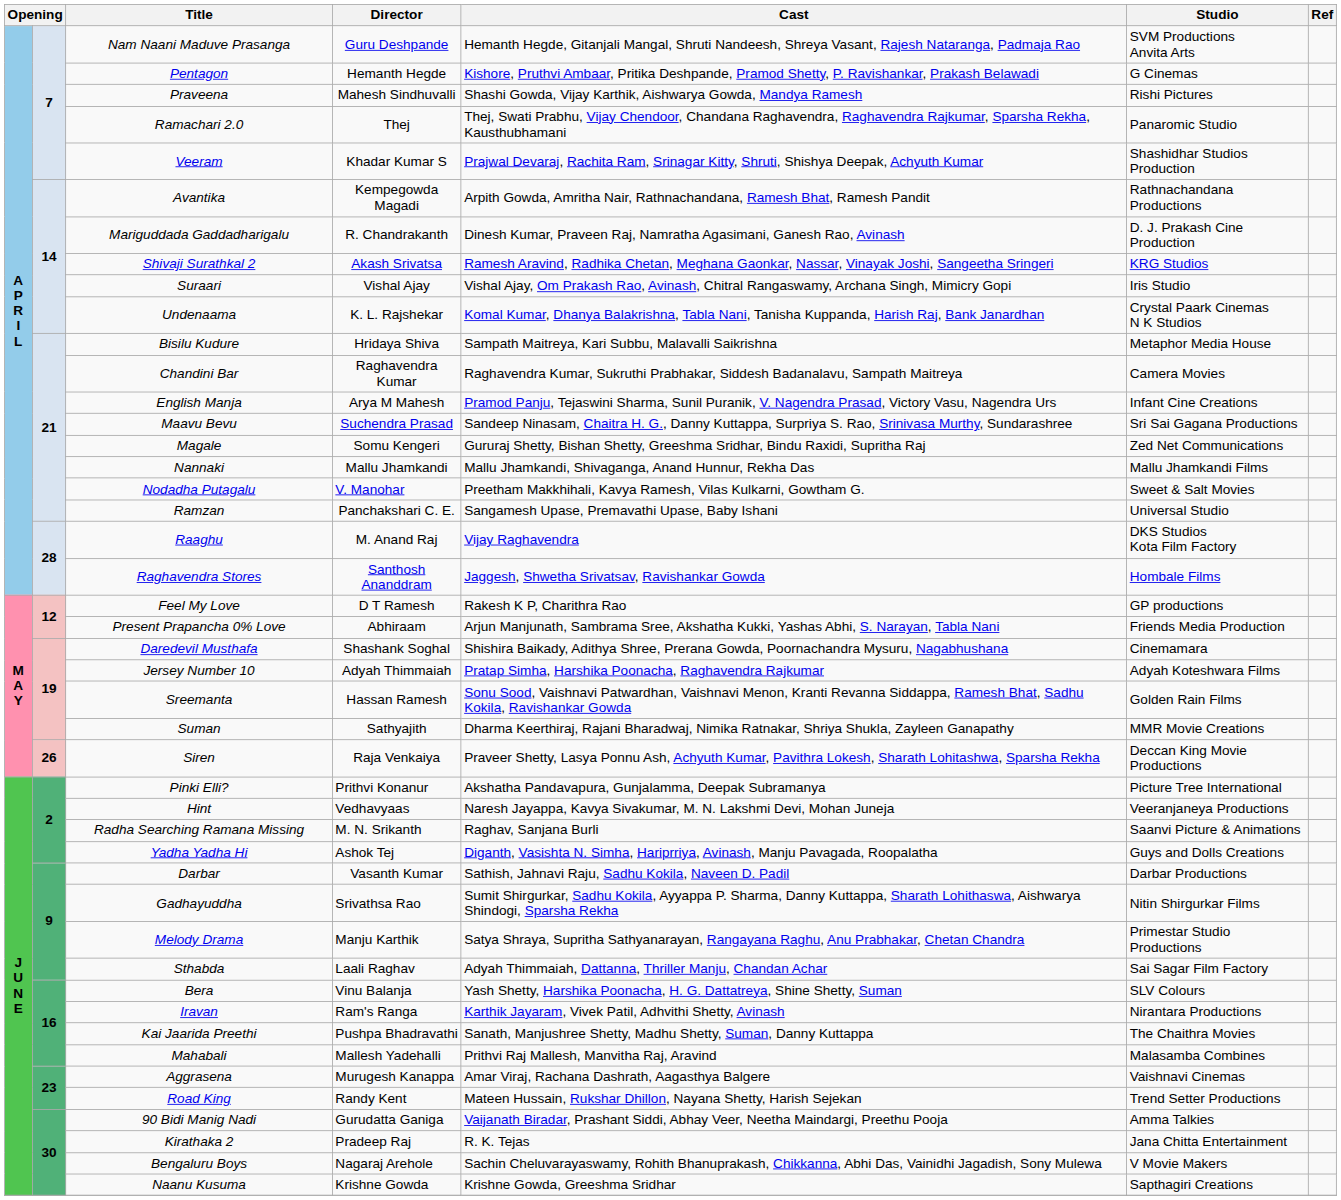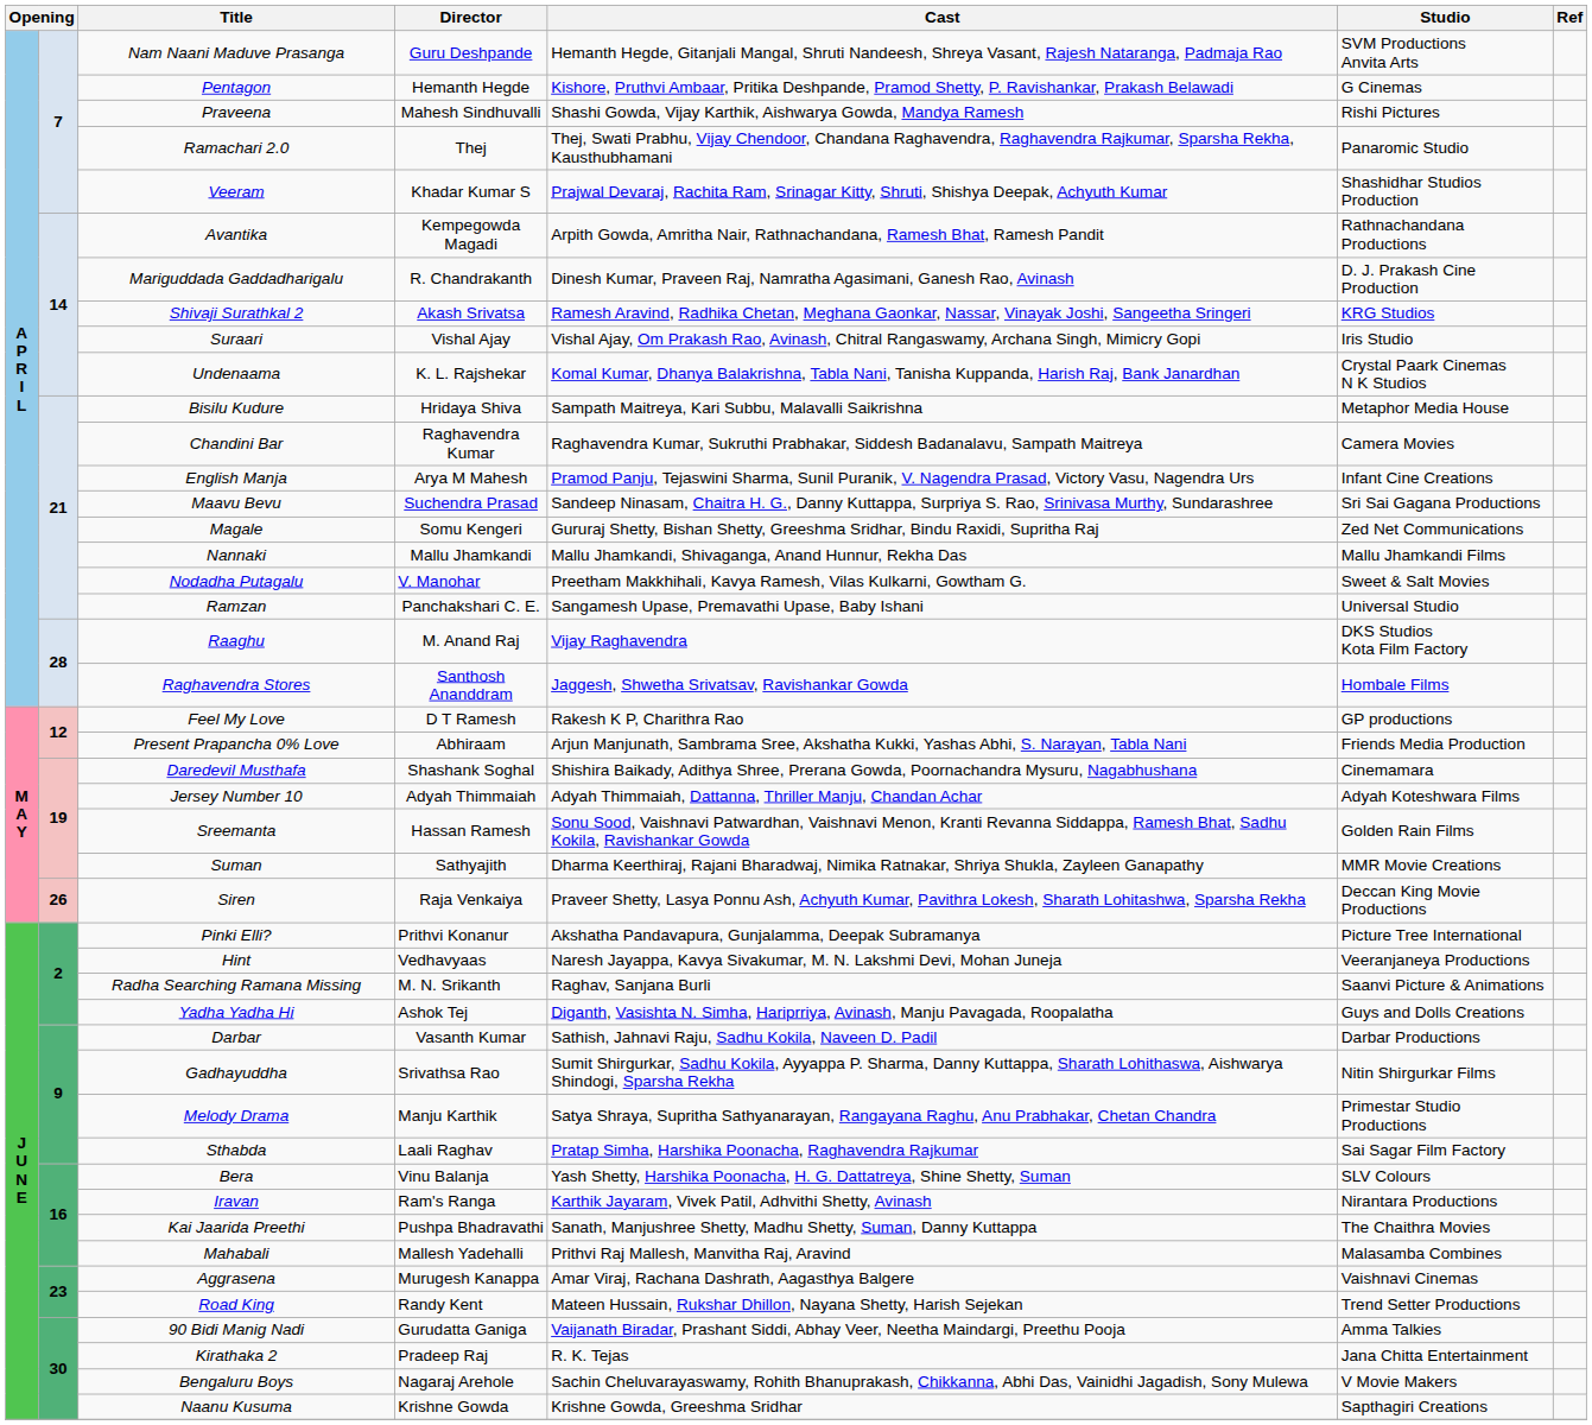 <table class="wikitable sortable">
 <tr>
 <th colspan="2">Opening</th>
 <th style="width:20%;">Title</th>
 <th>Director</th>
 <th>Cast</th>
 <th>Studio</th>
 <th>Ref</th>
 </tr>
 <tr>
 <td rowspan="20" style="text-align:center; background:#93CCEA; textcolor:#000;"><strong>A<br>P<br>R<br>I<br>L</strong></td>
 <td rowspan="5" style="text-align:center;background:#d9e4f1;"><strong>7</strong></td>
 <td align="center"><em>Nam Naani Maduve Prasanga</em></td>
 <td align="center"><a href='#'>Guru Deshpande</a></td>
 <td>Hemanth Hegde, Gitanjali Mangal, Shruti Nandeesh, Shreya Vasant, <a href='#'>Rajesh Nataranga</a>, <a href='#'>Padmaja Rao</a></td>
 <td>SVM Productions <br> Anvita Arts</td>
 <td align="center"></td>
 </tr>
 <tr>
 <td align="center"><em><a href='#'>Pentagon</a></em></td>
 <td align="center">Hemanth Hegde</td>
 <td><a href='#'>Kishore</a>, <a href='#'>Pruthvi Ambaar</a>, Pritika Deshpande, <a href='#'>Pramod Shetty</a>, <a href='#'>P. Ravishankar</a>, <a href='#'>Prakash Belawadi</a></td>
 <td>G Cinemas</td>
 <td align="center"></td>
 </tr>
 <tr>
 <td align="center"><em>Praveena</em></td>
 <td align="center">Mahesh Sindhuvalli</td>
 <td>Shashi Gowda, Vijay Karthik, Aishwarya Gowda, <a href='#'>Mandya Ramesh</a></td>
 <td>Rishi Pictures</td>
 <td align="center"></td>
 </tr>
 <tr>
 <td align="center"><em>Ramachari 2.0</em></td>
 <td align="center">Thej</td>
 <td>Thej, Swati Prabhu, <a href='#'>Vijay Chendoor</a>, Chandana Raghavendra, <a href='#'>Raghavendra Rajkumar</a>, <a href='#'>Sparsha Rekha</a>, Kausthubhamani</td>
 <td>Panaromic Studio</td>
 <td align="center"></td>
 </tr>
 <tr>
 <td align="center"><em><a href='#'>Veeram</a></em></td>
 <td align="center">Khadar Kumar S</td>
 <td><a href='#'>Prajwal Devaraj</a>, <a href='#'>Rachita Ram</a>, <a href='#'>Srinagar Kitty</a>, <a href='#'>Shruti</a>, Shishya Deepak, <a href='#'>Achyuth Kumar</a></td>
 <td>Shashidhar Studios Production</td>
 <td align="center"></td>
 </tr>
 <tr>
 <td rowspan="5" style="text-align:center;background:#d9e4f1;"><strong>14</strong></td>
 <td align="center"><em>Avantika</em></td>
 <td align="center">Kempegowda Magadi</td>
 <td>Arpith Gowda, Amritha Nair, Rathnachandana, <a href='#'>Ramesh Bhat</a>, Ramesh Pandit</td>
 <td>Rathnachandana Productions</td>
 <td align="center"></td>
 </tr>
 <tr>
 <td align="center"><em>Mariguddada Gaddadharigalu</em></td>
 <td align="center">R. Chandrakanth</td>
 <td>Dinesh Kumar, Praveen Raj, Namratha Agasimani, Ganesh Rao, <a href='#'>Avinash</a></td>
 <td>D. J. Prakash Cine Production</td>
 <td align="center"></td>
 </tr>
 <tr>
 <td align="center"><em><a href='#'>Shivaji Surathkal 2</a></em></td>
 <td align="center"><a href='#'>Akash Srivatsa</a></td>
 <td><a href='#'>Ramesh Aravind</a>, <a href='#'>Radhika Chetan</a>, <a href='#'>Meghana Gaonkar</a>, <a href='#'>Nassar</a>, <a href='#'>Vinayak Joshi</a>, <a href='#'>Sangeetha Sringeri</a></td>
 <td><a href='#'>KRG Studios</a></td>
 <td align="center"></td>
 </tr>
 <tr>
 <td align="center"><em>Suraari</em></td>
 <td align="center">Vishal Ajay</td>
 <td>Vishal Ajay, <a href='#'>Om Prakash Rao</a>, <a href='#'>Avinash</a>, Chitral Rangaswamy, Archana Singh, Mimicry Gopi</td>
 <td>Iris Studio</td>
 <td align="center"></td>
 </tr>
 <tr>
 <td align="center"><em>Undenaama</em></td>
 <td align="center">K. L. Rajshekar</td>
 <td><a href='#'>Komal Kumar</a>, <a href='#'>Dhanya Balakrishna</a>, <a href='#'>Tabla Nani</a>, Tanisha Kuppanda, <a href='#'>Harish Raj</a>, <a href='#'>Bank Janardhan</a></td>
 <td>Crystal Paark Cinemas <br> N K Studios</td>
 <td align="center"></td>
 </tr>
 <tr>
 <td rowspan="8" style="text-align:center;background:#d9e4f1;"><strong>21</strong></td>
 <td style="text-align:center;"><em>Bisilu Kudure</em></td>
 <td style="text-align:center;">Hridaya Shiva</td>
 <td>Sampath Maitreya, Kari Subbu, Malavalli Saikrishna</td>
 <td>Metaphor Media House</td>
 <td></td>
 </tr>
 <tr>
 <td style="text-align:center;"><em>Chandini Bar</em></td>
 <td style="text-align:center;">Raghavendra Kumar</td>
 <td>Raghavendra Kumar, Sukruthi Prabhakar, Siddesh Badanalavu, Sampath Maitreya</td>
 <td>Camera Movies</td>
 <td></td>
 </tr>
 <tr>
 <td style="text-align:center;"><em>English Manja</em></td>
 <td style="text-align:center;">Arya M Mahesh</td>
 <td><a href='#'>Pramod Panju</a>, Tejaswini Sharma, Sunil Puranik, <a href='#'>V. Nagendra Prasad</a>, Victory Vasu, Nagendra Urs</td>
 <td>Infant Cine Creations</td>
 <td></td>
 </tr>
 <tr>
 <td style="text-align:center;"><em>Maavu Bevu</em></td>
 <td style="text-align:center;"><a href='#'>Suchendra Prasad</a></td>
 <td>Sandeep Ninasam, <a href='#'>Chaitra H. G.</a>, Danny Kuttappa, Surpriya S. Rao, <a href='#'>Srinivasa Murthy</a>, Sundarashree</td>
 <td>Sri Sai Gagana Productions</td>
 <td></td>
 </tr>
 <tr>
 <td style="text-align:center;"><em>Magale</em></td>
 <td style="text-align:center;">Somu Kengeri</td>
 <td>Gururaj Shetty, Bishan Shetty, Greeshma Sridhar, Bindu Raxidi, Supritha Raj</td>
 <td>Zed Net Communications</td>
 <td></td>
 </tr>
 <tr>
 <td style="text-align:center;"><em>Nannaki</em></td>
 <td style="text-align:center;">Mallu Jhamkandi</td>
 <td>Mallu Jhamkandi, Shivaganga, Anand Hunnur, Rekha Das</td>
 <td>Mallu Jhamkandi Films</td>
 <td></td>
 </tr>
 <tr>
 <td style="text-align:center;"><em><a href='#'>Nodadha Putagalu</a></em></td>
 <td><a href='#'>V. Manohar</a></td>
 <td>Preetham Makkhihali, Kavya Ramesh, Vilas Kulkarni, Gowtham G.</td>
 <td>Sweet & Salt Movies</td>
 <td></td>
 </tr>
 <tr>
 <td style="text-align:center;"><em>Ramzan</em></td>
 <td style="text-align:center;">Panchakshari C. E.</td>
 <td>Sangamesh Upase, Premavathi Upase, Baby Ishani</td>
 <td>Universal Studio</td>
 <td></td>
 </tr>
 <tr>
 <td rowspan="2" style="text-align:center;background:#d9e4f1;"><strong>28</strong></td>
 <td style="text-align:center;"><em><a href='#'>Raaghu</a></em></td>
 <td style="text-align:center;">M. Anand Raj</td>
 <td><a href='#'>Vijay Raghavendra</a></td>
 <td>DKS Studios <br> Kota Film Factory</td>
 <td></td>
 </tr>
 <tr>
 <td style="text-align:center;"><em><a href='#'>Raghavendra Stores</a></em></td>
 <td style="text-align:center;"><a href='#'>Santhosh Ananddram</a></td>
 <td><a href='#'>Jaggesh</a>, <a href='#'>Shwetha Srivatsav</a>, <a href='#'>Ravishankar Gowda</a></td>
 <td><a href='#'>Hombale Films</a></td>
 <td></td>
 </tr>
 <tr>
 <td rowspan="7" style="text-align:center; background:#ff91af; textcolor:#000;"><strong>M<br>A<br>Y</strong></td>
 <td rowspan="2" style="text-align:center;background:#f4c2c2;"><strong>12</strong></td>
 <td align="center"><em>Feel My Love</em></td>
 <td align="center">D T Ramesh</td>
 <td>Rakesh K P, Charithra Rao</td>
 <td>GP productions</td>
 <td align="center"></td>
 </tr>
 <tr>
 <td align="center"><em>Present Prapancha 0% Love</em></td>
 <td align="center">Abhiraam</td>
 <td>Arjun Manjunath, Sambrama Sree, Akshatha Kukki, Yashas Abhi, <a href='#'>S. Narayan</a>, <a href='#'>Tabla Nani</a></td>
 <td>Friends Media Production</td>
 <td align="center"></td>
 </tr>
 <tr>
 <td rowspan="4" style="text-align:center;background:#f4c2c2;"><strong>19</strong></td>
 <td align="center"><em><a href='#'>Daredevil Musthafa</a></em></td>
 <td align="center">Shashank Soghal</td>
 <td>Shishira Baikady, Adithya Shree, Prerana Gowda, Poornachandra Mysuru, <a href='#'>Nagabhushana</a></td>
 <td>Cinemamara</td>
 <td align="center"></td>
 </tr>
 <tr>
 <td align="center"><em>Jersey Number 10</em></td>
 <td align="center">Adyah Thimmaiah</td>
-<td><a href='#'>Pratap Simha</a>, <a href='#'>Harshika Poonacha</a>, <a href='#'>Raghavendra Rajkumar</a></td>
+<td>Adyah Thimmaiah, <a href='#'>Dattanna</a>, <a href='#'>Thriller Manju</a>, <a href='#'>Chandan Achar</a></td>
 <td>Adyah Koteshwara Films</td>
 <td align="center"></td>
 </tr>
 <tr>
 <td align="center"><em>Sreemanta</em></td>
 <td align="center">Hassan Ramesh</td>
 <td><a href='#'>Sonu Sood</a>, Vaishnavi Patwardhan, Vaishnavi Menon, Kranti Revanna Siddappa, <a href='#'>Ramesh Bhat</a>, <a href='#'>Sadhu Kokila</a>, <a href='#'>Ravishankar Gowda</a></td>
 <td>Golden Rain Films</td>
 <td align="center"></td>
 </tr>
 <tr>
 <td align="center"><em>Suman</em></td>
 <td align="center">Sathyajith</td>
 <td>Dharma Keerthiraj, Rajani Bharadwaj, Nimika Ratnakar, Shriya Shukla, Zayleen Ganapathy</td>
 <td>MMR Movie Creations</td>
 <td align="center"></td>
 </tr>
 <tr>
 <td rowspan="1" style="text-align:center;background:#f4c2c2;"><strong>26</strong></td>
 <td align="center"><em>Siren</em></td>
 <td align="center">Raja Venkaiya</td>
 <td>Praveer Shetty, Lasya Ponnu Ash, <a href='#'>Achyuth Kumar</a>, <a href='#'>Pavithra Lokesh</a>, <a href='#'>Sharath Lohitashwa</a>, <a href='#'>Sparsha Rekha</a></td>
 <td>Deccan King Movie Productions</td>
 <td align="center"></td>
 </tr>
 <tr>
 <td rowspan="18" style="text-align:center; background:#50c550 ; textcolor:#000;"><strong>J<br>U<br>N<br>E</strong></td>
 <td rowspan="4" style="text-align:center; background:#50b178; textcolor:#000;"><strong>2</strong></td>
 <td align="center"><em>Pinki Elli?</em></td>
 <td>Prithvi Konanur</td>
 <td>Akshatha Pandavapura, Gunjalamma, Deepak Subramanya</td>
 <td>Picture Tree International</td>
 <td align="center"></td>
 </tr>
 <tr>
 <td align="center"><em>Hint</em></td>
 <td>Vedhavyaas</td>
 <td>Naresh Jayappa, Kavya Sivakumar, M. N. Lakshmi Devi, Mohan Juneja</td>
 <td>Veeranjaneya Productions</td>
 <td align="center"></td>
 </tr>
 <tr>
 <td align="center"><em>Radha Searching Ramana Missing</em></td>
 <td>M. N. Srikanth</td>
 <td>Raghav, Sanjana Burli</td>
 <td>Saanvi Picture & Animations</td>
 <td align="center"></td>
 </tr>
 <tr>
 <td align="center"><em><a href='#'>Yadha Yadha Hi</a></em></td>
 <td>Ashok Tej</td>
 <td><a href='#'>Diganth</a>, <a href='#'>Vasishta N. Simha</a>, <a href='#'>Hariprriya</a>, <a href='#'>Avinash</a>, Manju Pavagada, Roopalatha</td>
 <td>Guys and Dolls Creations</td>
 <td align="center"></td>
 </tr>
 <tr>
 <td rowspan="4" style="text-align:center; background:#50b178; textcolor:#000;"><strong>9</strong></td>
 <td align="center"><em>Darbar</em></td>
 <td style="text-align:center;">Vasanth Kumar</td>
 <td>Sathish, Jahnavi Raju, <a href='#'>Sadhu Kokila</a>, <a href='#'>Naveen D. Padil</a></td>
 <td>Darbar Productions</td>
 <td align="center"></td>
 </tr>
 <tr>
 <td align="center"><em>Gadhayuddha</em></td>
 <td>Srivathsa Rao</td>
 <td>Sumit Shirgurkar, <a href='#'>Sadhu Kokila</a>, Ayyappa P. Sharma, Danny Kuttappa, <a href='#'>Sharath Lohithaswa</a>, Aishwarya Shindogi, <a href='#'>Sparsha Rekha</a></td>
 <td>Nitin Shirgurkar Films</td>
 <td align="center"></td>
 </tr>
 <tr>
 <td align="center"><em><a href='#'>Melody Drama</a></em></td>
 <td>Manju Karthik</td>
 <td>Satya Shraya, Supritha Sathyanarayan, <a href='#'>Rangayana Raghu</a>, <a href='#'>Anu Prabhakar</a>, <a href='#'>Chetan Chandra</a></td>
 <td>Primestar Studio Productions</td>
 <td align="center"></td>
 </tr>
 <tr>
 <td align="center"><em>Sthabda</em></td>
 <td>Laali Raghav</td>
-<td>Adyah Thimmaiah, <a href='#'>Dattanna</a>, <a href='#'>Thriller Manju</a>, <a href='#'>Chandan Achar</a></td>
+<td><a href='#'>Pratap Simha</a>, <a href='#'>Harshika Poonacha</a>, <a href='#'>Raghavendra Rajkumar</a></td>
 <td>Sai Sagar Film Factory</td>
 <td align="center"></td>
 </tr>
 <tr>
 <td rowspan="4" style="text-align:center; background:#50b178; textcolor:#000;"><strong>16</strong></td>
 <td align="center"><em>Bera</em></td>
 <td>Vinu Balanja</td>
 <td>Yash Shetty, <a href='#'>Harshika Poonacha</a>, <a href='#'>H. G. Dattatreya</a>, Shine Shetty, <a href='#'>Suman</a></td>
 <td>SLV Colours</td>
 <td align="center"></td>
 </tr>
 <tr>
 <td align="center"><em><a href='#'>Iravan</a></em></td>
 <td>Ram's Ranga</td>
 <td><a href='#'>Karthik Jayaram</a>, Vivek Patil, Adhvithi Shetty, <a href='#'>Avinash</a></td>
 <td>Nirantara Productions</td>
 <td align="center"></td>
 </tr>
 <tr>
 <td align="center"><em>Kai Jaarida Preethi</em></td>
 <td>Pushpa Bhadravathi</td>
 <td>Sanath, Manjushree Shetty, Madhu Shetty, <a href='#'>Suman</a>, Danny Kuttappa</td>
 <td>The Chaithra Movies</td>
 <td align="center"></td>
 </tr>
 <tr>
 <td align="center"><em>Mahabali</em></td>
 <td>Mallesh Yadehalli</td>
 <td>Prithvi Raj Mallesh, Manvitha Raj, Aravind</td>
 <td>Malasamba Combines</td>
 <td align="center"></td>
 </tr>
 <tr>
 <td rowspan="2" style="text-align:center; background:#50b178; textcolor:#000;"><strong>23</strong></td>
 <td align="center"><em>Aggrasena</em></td>
 <td>Murugesh Kanappa</td>
 <td>Amar Viraj, Rachana Dashrath, Aagasthya Balgere</td>
 <td>Vaishnavi Cinemas</td>
 <td align="center"></td>
 </tr>
 <tr>
 <td align="center"><em><a href='#'>Road King</a></em></td>
 <td>Randy Kent</td>
 <td>Mateen Hussain, <a href='#'>Rukshar Dhillon</a>, Nayana Shetty, Harish Sejekan</td>
 <td>Trend Setter Productions</td>
 <td align="center"></td>
 </tr>
 <tr>
 <td rowspan="4" style="text-align:center; background:#50b178; textcolor:#000;"><strong>30</strong></td>
 <td align="center"><em>90 Bidi Manig Nadi</em></td>
 <td>Gurudatta Ganiga</td>
 <td><a href='#'>Vaijanath Biradar</a>, Prashant Siddi, Abhay Veer, Neetha Maindargi, Preethu Pooja</td>
 <td>Amma Talkies</td>
 <td align="center"></td>
 </tr>
 <tr>
 <td align="center"><em>Kirathaka 2</em></td>
 <td>Pradeep Raj</td>
 <td>R. K. Tejas</td>
 <td>Jana Chitta Entertainment</td>
 <td align="center"></td>
 </tr>
 <tr>
 <td align="center"><em>Bengaluru Boys</em></td>
 <td>Nagaraj Arehole</td>
 <td>Sachin Cheluvarayaswamy, Rohith Bhanuprakash, <a href='#'>Chikkanna</a>, Abhi Das, Vainidhi Jagadish, Sony Mulewa</td>
 <td>V Movie Makers</td>
 <td align="center"></td>
 </tr>
 <tr>
 <td align="center"><em>Naanu Kusuma</em></td>
 <td>Krishne Gowda</td>
 <td>Krishne Gowda, Greeshma Sridhar</td>
 <td>Sapthagiri Creations</td>
 <td align="center"></td>
 </tr>
 <tr>
 </tr>
 </table>
